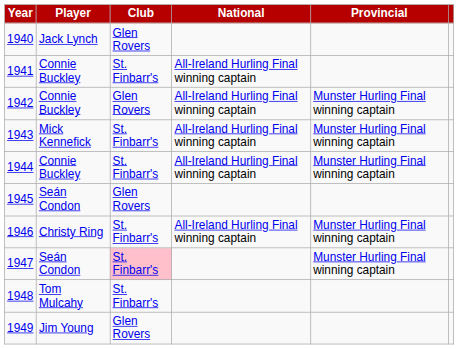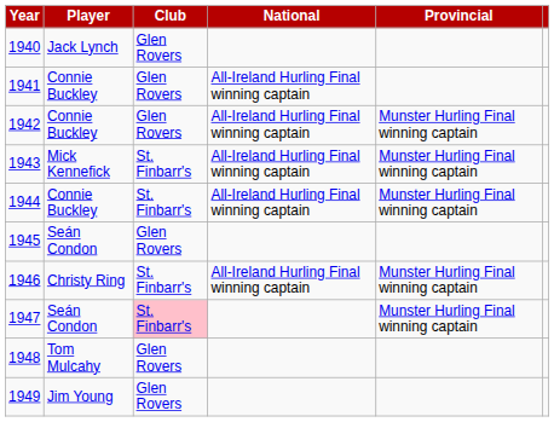 <table class="wikitable">
 <tr style="text-align:center;background:#B60000;color:white">
 <td><strong>Year</strong></td>
 <td><strong>Player</strong></td>
 <td><strong>Club</strong></td>
 <td><strong>National</strong></td>
 <td><strong>Provincial</strong></td>
 <td></td>
 </tr>
 <tr>
 <td style="text-align:left;"><a href='#'>1940</a></td>
 <td style="text-align:left;"><a href='#'>Jack Lynch</a></td>
 <td style="text-align:left;"><a href='#'>Glen Rovers</a></td>
 <td></td>
 <td></td>
 <td></td>
 </tr>
 <tr>
 <td style="text-align:left;"><a href='#'>1941</a></td>
 <td style="text-align:left;"><a href='#'>Connie Buckley</a></td>
-<td style="text-align:left;"><a href='#'>St. Finbarr's</a></td>
+<td style="text-align:left;"><a href='#'>Glen Rovers</a></td>
 <td style="text-align:left;"><a href='#'>All-Ireland Hurling Final</a> winning captain</td>
 <td></td>
 <td></td>
 </tr>
 <tr>
 <td style="text-align:left;"><a href='#'>1942</a></td>
 <td style="text-align:left;"><a href='#'>Connie Buckley</a></td>
 <td style="text-align:left;"><a href='#'>Glen Rovers</a></td>
 <td style="text-align:left;"><a href='#'>All-Ireland Hurling Final</a> winning captain</td>
 <td style="text-align:left;"><a href='#'>Munster Hurling Final</a> winning captain</td>
 <td></td>
 </tr>
 <tr>
 <td><a href='#'>1943</a></td>
 <td style="text-align:left;"><a href='#'>Mick Kennefick</a></td>
 <td style="text-align:left;"><a href='#'>St. Finbarr's</a></td>
 <td style="text-align:left;"><a href='#'>All-Ireland Hurling Final</a> winning captain</td>
 <td style="text-align:left;"><a href='#'>Munster Hurling Final</a> winning captain</td>
 <td></td>
 </tr>
 <tr>
 <td style="text-align:left;"><a href='#'>1944</a></td>
 <td style="text-align:left;"><a href='#'>Connie Buckley</a></td>
 <td style="text-align:left;"><a href='#'>St. Finbarr's</a></td>
 <td style="text-align:left;"><a href='#'>All-Ireland Hurling Final</a> winning captain</td>
 <td style="text-align:left;"><a href='#'>Munster Hurling Final</a> winning captain</td>
 <td></td>
 </tr>
 <tr>
 <td style="text-align:left;"><a href='#'>1945</a></td>
 <td style="text-align:left;"><a href='#'>Seán Condon</a></td>
 <td style="text-align:left;"><a href='#'>Glen Rovers</a></td>
 <td></td>
 <td></td>
 <td></td>
 </tr>
 <tr>
 <td style="text-align:left;"><a href='#'>1946</a></td>
 <td style="text-align:left;"><a href='#'>Christy Ring</a></td>
 <td style="text-align:left;"><a href='#'>St. Finbarr's</a></td>
 <td style="text-align:left;"><a href='#'>All-Ireland Hurling Final</a> winning captain</td>
 <td style="text-align:left;"><a href='#'>Munster Hurling Final</a> winning captain</td>
 <td></td>
 </tr>
 <tr>
 <td style="text-align:left;"><a href='#'>1947</a></td>
 <td style="text-align:left;"><a href='#'>Seán Condon</a></td>
 <td style="background: pink; text-align:left;"><a href='#'>St. Finbarr's</a></td>
 <td></td>
 <td style="text-align:left;"><a href='#'>Munster Hurling Final</a> winning captain</td>
 <td></td>
 </tr>
 <tr>
 <td style="text-align:left;"><a href='#'>1948</a></td>
 <td style="text-align:left;"><a href='#'>Tom Mulcahy</a></td>
-<td style="text-align:left;"><a href='#'>St. Finbarr's</a></td>
+<td style="text-align:left;"><a href='#'>Glen Rovers</a></td>
 <td></td>
 <td></td>
 <td></td>
 </tr>
 <tr>
 <td style="text-align:left;"><a href='#'>1949</a></td>
 <td style="text-align:left;"><a href='#'>Jim Young</a></td>
 <td style="text-align:left;"><a href='#'>Glen Rovers</a></td>
 <td></td>
 <td></td>
 <td></td>
 </tr>
 </table>
